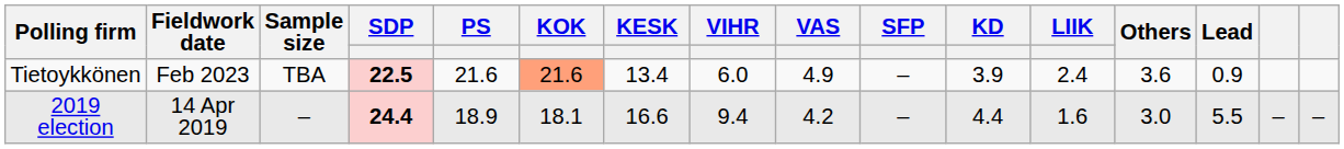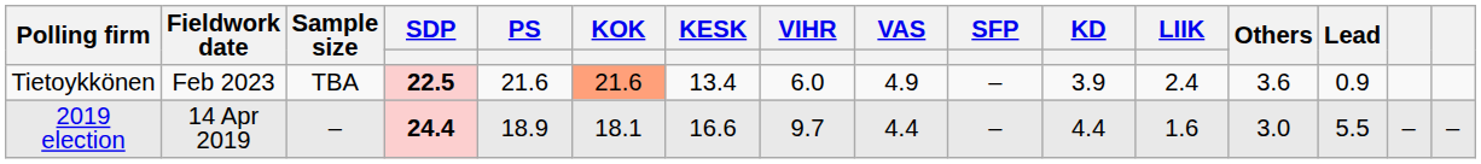 <table class="wikitable sortable mw-datatable" style="text-align:center;font-size:90%;line-height:14px;">
 <tr>
 <th rowspan="2">Polling firm</th>
 <th rowspan="2">Fieldwork date</th>
 <th rowspan="2">Sample<br>size</th>
 <th class="unsortable" style="width:50px;"><a href='#'>SDP</a></th>
 <th class="unsortable" style="width:50px;"><a href='#'>PS</a></th>
 <th class="unsortable" style="width:50px;"><a href='#'>KOK</a></th>
 <th class="unsortable" style="width:50px;"><a href='#'>KESK</a></th>
 <th class="unsortable" style="width:50px;"><a href='#'>VIHR</a></th>
 <th class="unsortable" style="width:50px;"><a href='#'>VAS</a></th>
 <th class="unsortable" style="width:50px;"><a href='#'>SFP</a></th>
 <th class="unsortable" style="width:50px;"><a href='#'>KD</a></th>
 <th class="unsortable" style="width:50px;"><a href='#'>LIIK</a></th>
 <th class="unsortable" style="width:30px;" rowspan="2">Others</th>
 <th class="unsortable" style="width:30px;" rowspan="2">Lead</th>
 <th class="unsortable" style="width:20px;" rowspan="2"></th>
 <th class="unsortable" style="width:20px;" rowspan="2"></th>
 </tr>
 <tr>
 <th data-sort-type="number" style="background:"></th>
 <th data-sort-type="number" style="background:"></th>
 <th data-sort-type="number" style="background:"></th>
 <th data-sort-type="number" style="background:"></th>
 <th data-sort-type="number" style="background:"></th>
 <th data-sort-type="number" style="background:"></th>
 <th data-sort-type="number" style="background:"></th>
 <th data-sort-type="number" style="background:"></th>
 <th data-sort-type="number" style="background:"></th>
 </tr>
 <tr>
 <td>Tietoykkönen</td>
 <td data-sort-value="2023-02-28">Feb 2023</td>
 <td>TBA</td>
 <td style="background:#FCCFCF;"><strong>22.5</strong></td>
 <td>21.6</td>
 <td style="background: lightsalmon;">21.6</td>
 <td>13.4</td>
 <td>6.0</td>
 <td>4.9</td>
 <td>–</td>
 <td>3.9</td>
 <td>2.4</td>
 <td>3.6</td>
 <td style="background:">0.9</td>
 <td></td>
 <td></td>
 </tr>
 <tr style="background:#E9E9E9;">
 <td><a href='#'>2019 election</a></td>
 <td data-sort-value="2019-04-14">14 Apr 2019</td>
 <td>–</td>
 <td style="background:#FCCFCF;"><strong>24.4</strong></td>
 <td>18.9</td>
 <td>18.1</td>
 <td>16.6</td>
-<td>9.4</td>
-<td>4.2</td>
+<td>9.7</td>
+<td>4.4</td>
 <td>–</td>
 <td>4.4</td>
 <td>1.6</td>
 <td>3.0</td>
 <td style="background:">5.5</td>
 <td>–</td>
 <td>–</td>
 </tr>
 </table>
